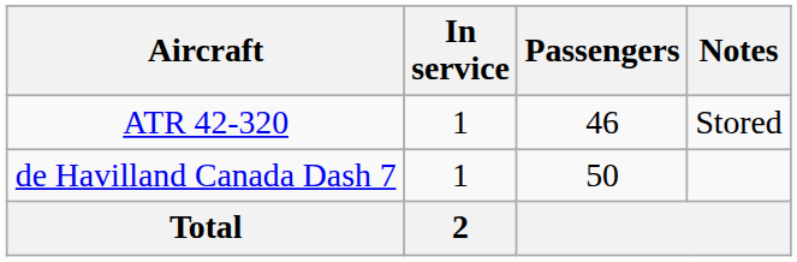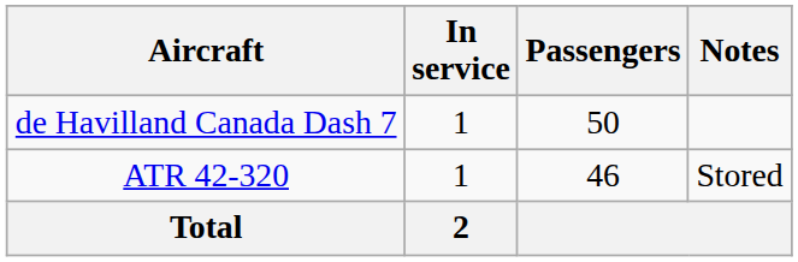 <table class="wikitable" style="margin:0.5em auto; text-align:center">
 <tr>
 <th>Aircraft</th>
 <th>In <br> service</th>
 <th>Passengers</th>
 <th>Notes</th>
 </tr>
 <tr>
+<td><a href='#'>de Havilland Canada Dash 7</a></td>
+<td>1</td>
+<td>50</td>
+<td></td>
+</tr>
+<tr>
 <td><a href='#'>ATR 42-320</a></td>
 <td>1</td>
 <td>46</td>
 <td>Stored</td>
-</tr>
-<tr>
-<td><a href='#'>de Havilland Canada Dash 7</a></td>
-<td>1</td>
-<td>50</td>
-<td></td>
 </tr>
 <tr>
 <th>Total</th>
 <th>2</th>
 <th colspan=2></th>
 </tr>
 </table>
